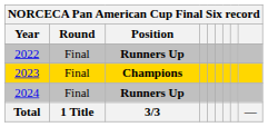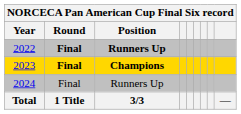 <table class="wikitable" style="text-align: center;">
 <tr>
 <th colspan=9>NORCECA Pan American Cup Final Six record</th>
 </tr>
 <tr>
 <th>Year</th>
 <th>Round</th>
 <th>Position</th>
 <th></th>
 <th></th>
 <th></th>
 <th></th>
 <th></th>
 <th></th>
 </tr>
 <tr bgcolor=silver>
 <td> <a href='#'>2022</a></td>
-<td>Final</td>
+<td><strong>Final</strong></td>
 <td><strong>Runners Up</strong></td>
 <td></td>
 <td></td>
 <td></td>
 <td></td>
 <td></td>
 <td></td>
 </tr>
 <tr bgcolor=gold>
 <td> <a href='#'>2023</a></td>
-<td>Final</td>
+<td><strong>Final</strong></td>
 <td><strong>Champions</strong></td>
 <td></td>
 <td></td>
 <td></td>
 <td></td>
 <td></td>
 <td></td>
 </tr>
 <tr bgcolor=silver>
 <td> <a href='#'>2024</a></td>
 <td>Final</td>
-<td><strong>Runners Up</strong></td>
+<td>Runners Up</td>
 <td></td>
 <td></td>
 <td></td>
 <td></td>
 <td></td>
 <td></td>
 </tr>
 <tr>
 <th>Total</th>
 <th>1 Title</th>
 <th>3/3</th>
 <th></th>
 <th></th>
 <th></th>
 <th></th>
 <th></th>
 <th>—</th>
 </tr>
 </table>
